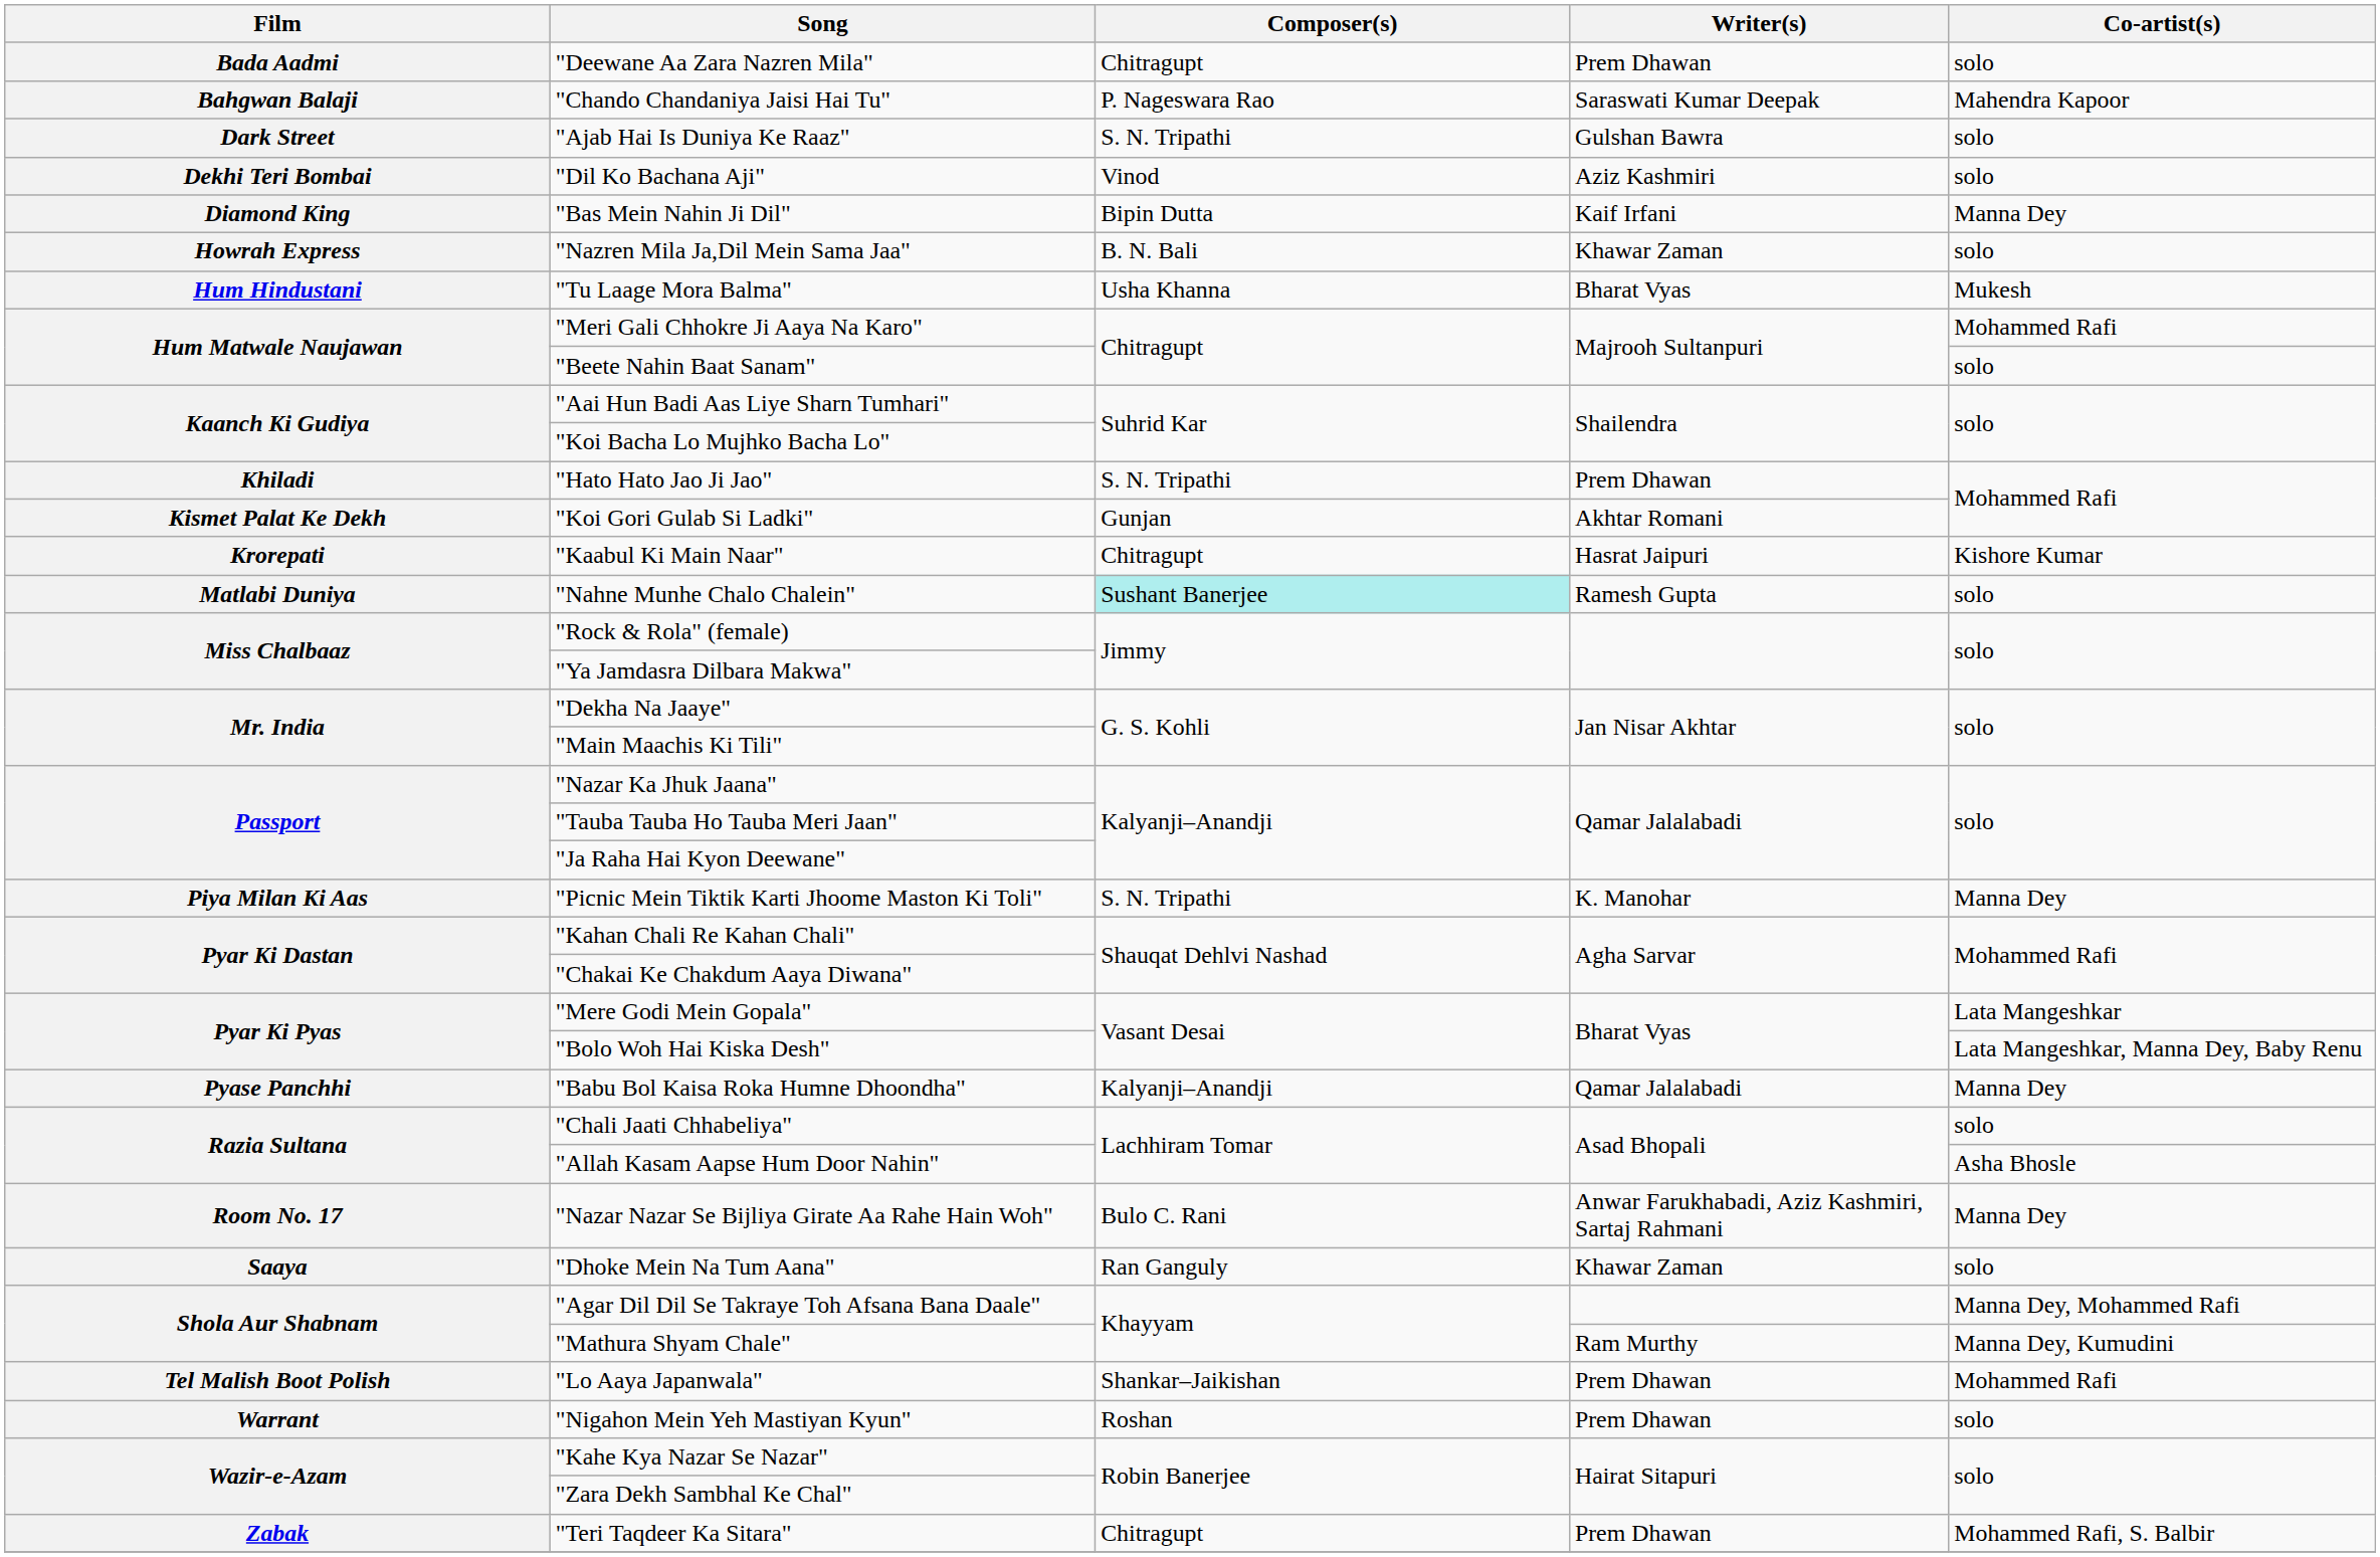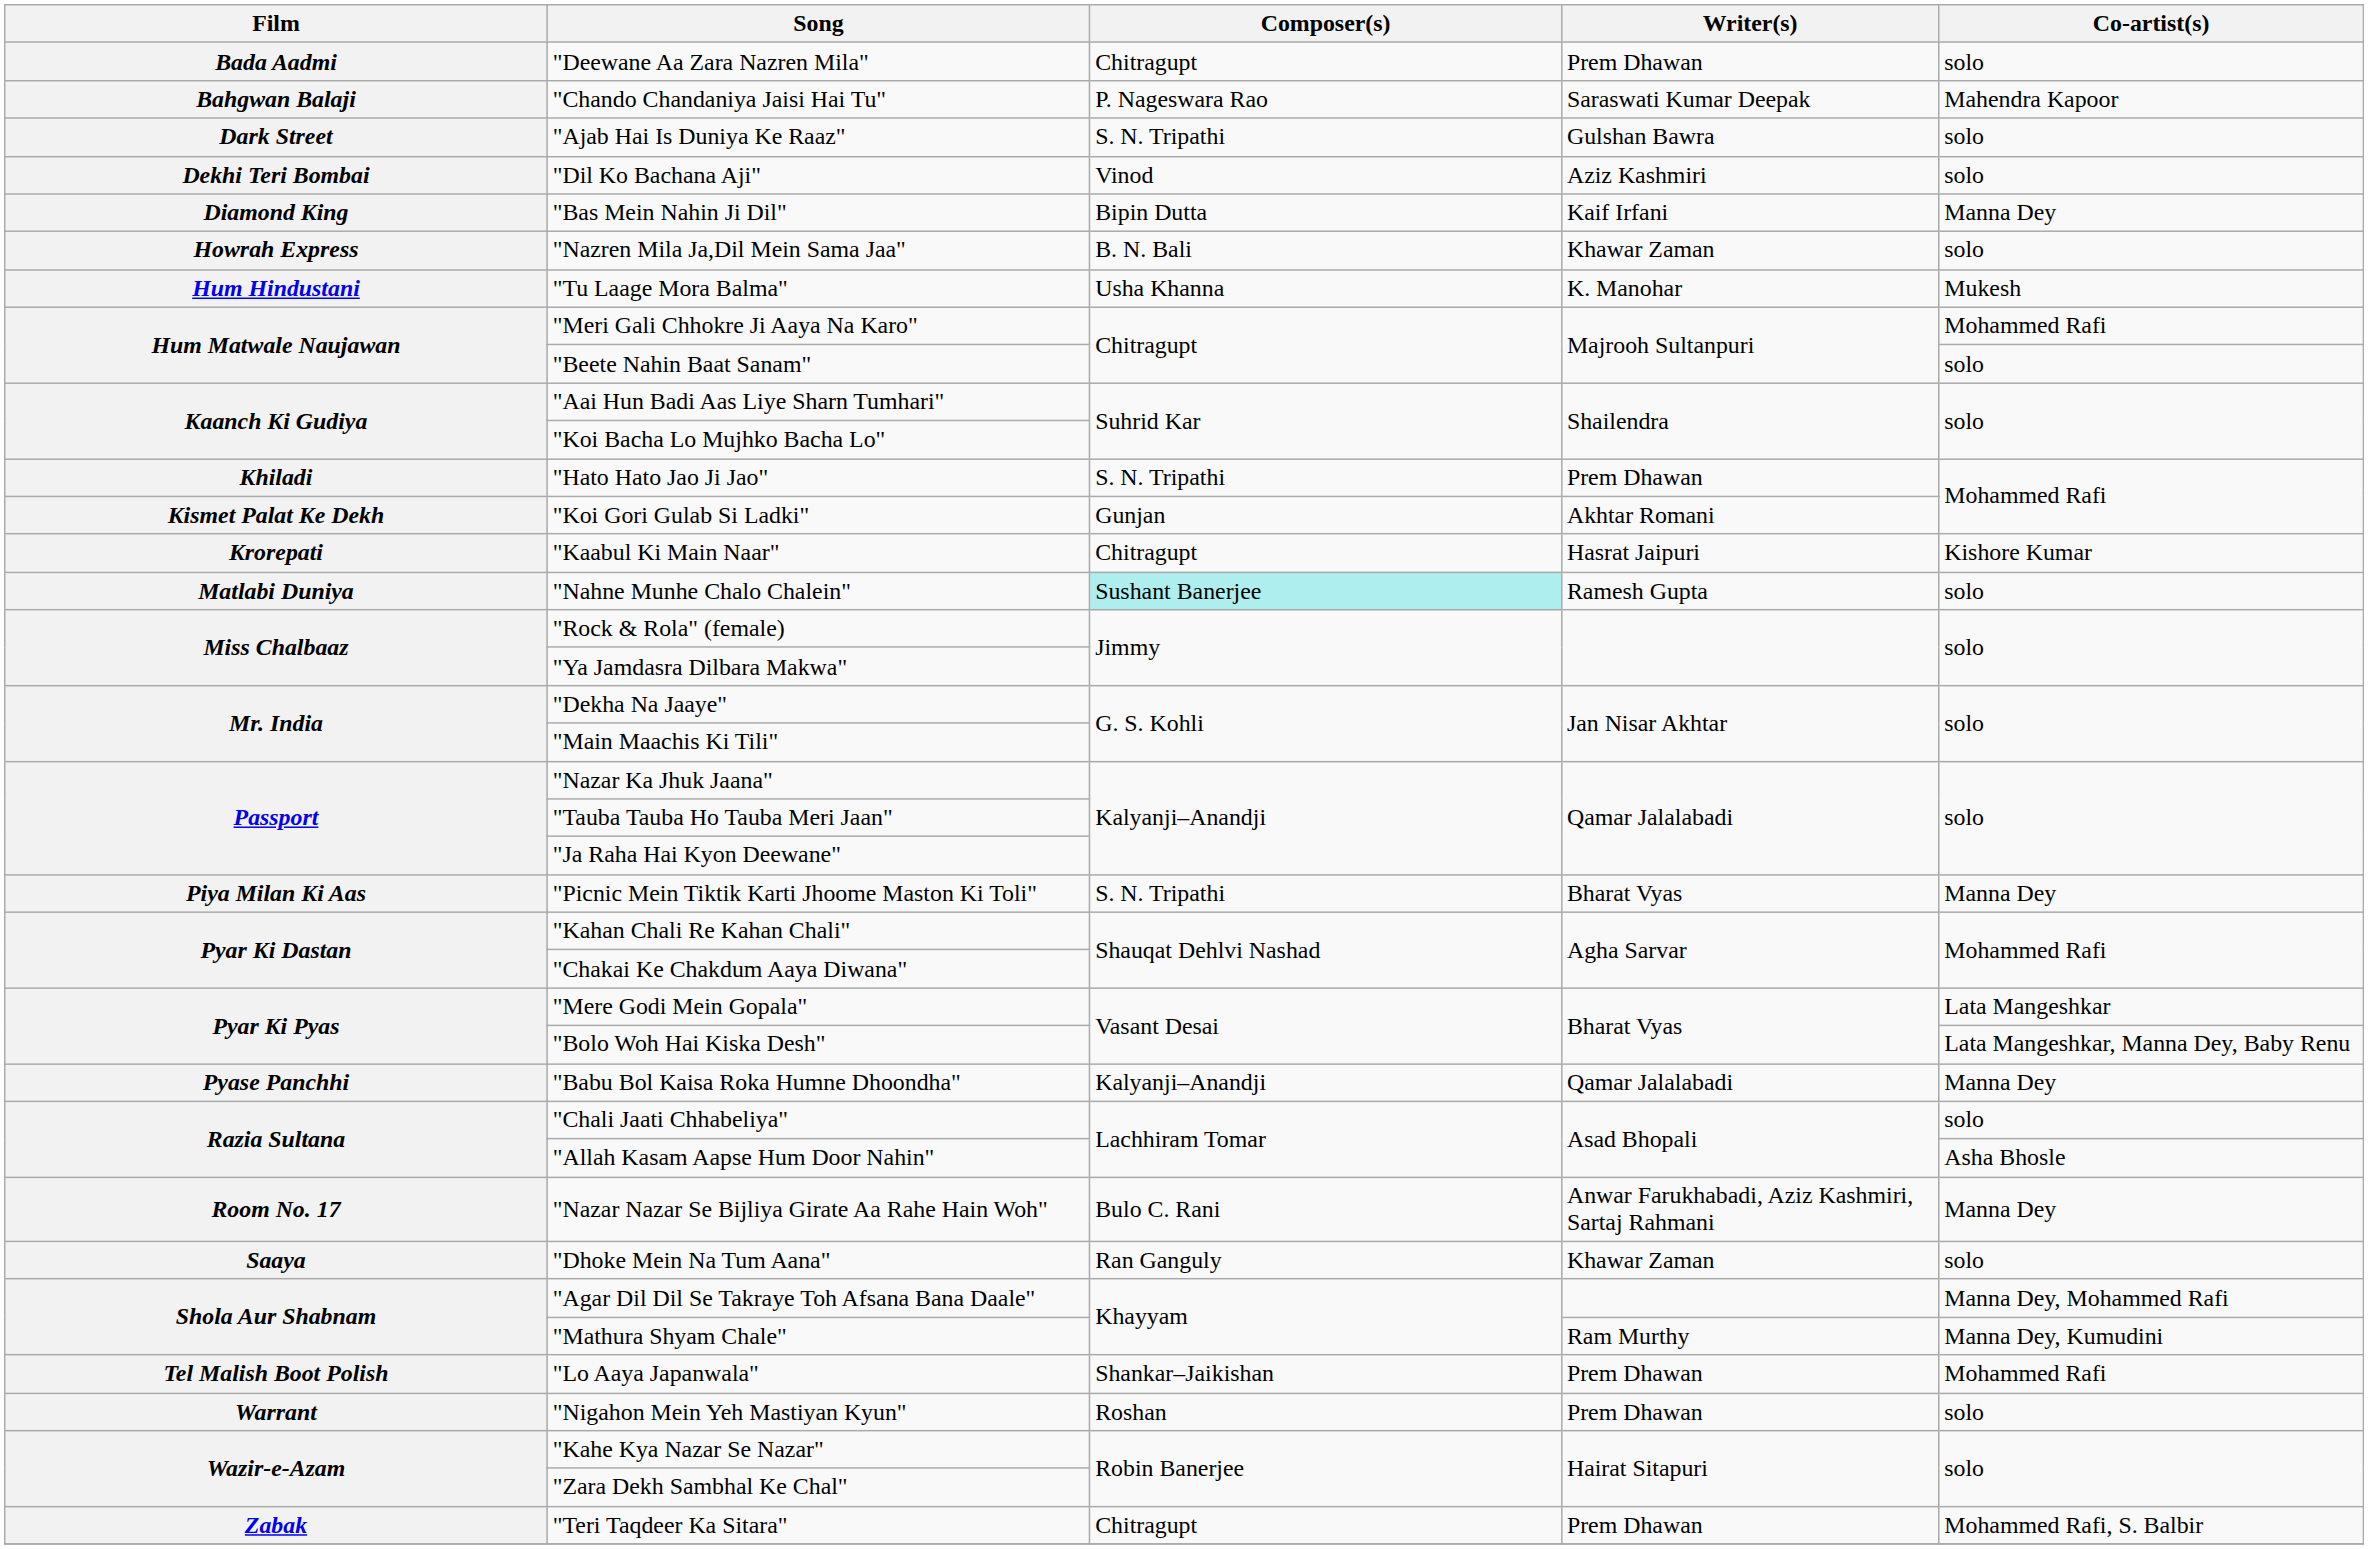 <table class="wikitable plainrowheaders" width="100%" textcolor:#000;">
 <tr style="background:#b0e0e66;">
 <th scope="col" width=23%><strong>Film</strong></th>
 <th scope="col" width=23%><strong>Song</strong></th>
 <th scope="col" width=20%><strong>Composer(s)</strong></th>
 <th scope="col" width=16%><strong>Writer(s)</strong></th>
 <th scope="col" width=18%><strong>Co-artist(s)</strong></th>
 </tr>
 <tr>
 <th><em>Bada Aadmi</em></th>
 <td>"Deewane Aa Zara Nazren Mila"</td>
 <td>Chitragupt</td>
 <td>Prem Dhawan</td>
 <td>solo</td>
 </tr>
 <tr>
 <th><em>Bahgwan Balaji</em></th>
 <td>"Chando Chandaniya Jaisi Hai Tu"</td>
 <td>P. Nageswara Rao</td>
 <td>Saraswati Kumar Deepak</td>
 <td>Mahendra Kapoor</td>
 </tr>
 <tr>
 <th><em>Dark Street</em></th>
 <td>"Ajab Hai Is Duniya Ke Raaz"</td>
 <td>S. N. Tripathi</td>
 <td>Gulshan Bawra</td>
 <td>solo</td>
 </tr>
 <tr>
 <th><em>Dekhi Teri Bombai</em></th>
 <td>"Dil Ko Bachana Aji"</td>
 <td>Vinod</td>
 <td>Aziz Kashmiri</td>
 <td>solo</td>
 </tr>
 <tr>
 <th><em>Diamond King</em></th>
 <td>"Bas Mein Nahin Ji Dil"</td>
 <td>Bipin Dutta</td>
 <td>Kaif Irfani</td>
 <td>Manna Dey</td>
 </tr>
 <tr>
 <th><em>Howrah Express</em></th>
 <td>"Nazren Mila Ja,Dil Mein Sama Jaa"</td>
 <td>B. N. Bali</td>
 <td>Khawar Zaman</td>
 <td>solo</td>
 </tr>
 <tr>
 <th Rowspan=1><em><a href='#'>Hum Hindustani</a></em></th>
 <td>"Tu Laage Mora Balma"</td>
 <td>Usha Khanna</td>
-<td>Bharat Vyas</td>
+<td>K. Manohar</td>
 <td>Mukesh</td>
 </tr>
 <tr>
 <th Rowspan=2><em>Hum Matwale Naujawan</em></th>
 <td>"Meri Gali Chhokre Ji Aaya Na Karo"</td>
 <td Rowspan=2>Chitragupt</td>
 <td Rowspan=2>Majrooh Sultanpuri</td>
 <td rowspan=1>Mohammed Rafi</td>
 </tr>
 <tr>
 <td>"Beete Nahin Baat Sanam"</td>
 <td>solo</td>
 </tr>
 <tr>
 <th Rowspan=2><em>Kaanch Ki Gudiya</em></th>
 <td>"Aai Hun Badi Aas Liye Sharn Tumhari"</td>
 <td rowspan=2>Suhrid Kar</td>
 <td Rowspan=2>Shailendra</td>
 <td rowspan=2>solo</td>
 </tr>
 <tr>
 <td>"Koi Bacha Lo Mujhko Bacha Lo"</td>
 </tr>
 <tr>
 <th><em>Khiladi</em></th>
 <td>"Hato Hato Jao Ji Jao"</td>
 <td>S. N. Tripathi</td>
 <td>Prem Dhawan</td>
 <td rowspan=2>Mohammed Rafi</td>
 </tr>
 <tr>
 <th><em>Kismet Palat Ke Dekh</em></th>
 <td>"Koi Gori Gulab Si Ladki"</td>
 <td>Gunjan</td>
 <td>Akhtar Romani</td>
 </tr>
 <tr>
 <th><em>Krorepati</em></th>
 <td>"Kaabul Ki Main Naar"</td>
 <td>Chitragupt</td>
 <td>Hasrat Jaipuri</td>
 <td>Kishore Kumar</td>
 </tr>
 <tr>
 <th><em>Matlabi Duniya</em></th>
 <td>"Nahne Munhe Chalo Chalein"</td>
 <td style="background: paleturquoise;">Sushant Banerjee</td>
 <td>Ramesh Gupta</td>
 <td>solo</td>
 </tr>
 <tr>
 <th Rowspan=2><em>Miss Chalbaaz</em></th>
 <td>"Rock & Rola" (female)</td>
 <td rowspan=2>Jimmy</td>
 <td rowspan=2></td>
 <td rowspan=2>solo</td>
 </tr>
 <tr>
 <td>"Ya Jamdasra Dilbara Makwa"</td>
 </tr>
 <tr>
 <th Rowspan=2><em>Mr. India</em></th>
 <td>"Dekha Na Jaaye"</td>
 <td rowspan=2>G. S. Kohli</td>
 <td rowspan=2>Jan Nisar Akhtar</td>
 <td rowspan=2>solo</td>
 </tr>
 <tr>
 <td>"Main Maachis Ki Tili"</td>
 </tr>
 <tr>
 <th Rowspan=3><em><a href='#'>Passport</a></em></th>
 <td>"Nazar Ka Jhuk Jaana"</td>
 <td rowspan=3>Kalyanji–Anandji</td>
 <td rowspan=3>Qamar Jalalabadi</td>
 <td rowspan=3>solo</td>
 </tr>
 <tr>
 <td>"Tauba Tauba Ho Tauba Meri Jaan"</td>
 </tr>
 <tr>
 <td>"Ja Raha Hai Kyon Deewane"</td>
 </tr>
 <tr>
 <th><em>Piya Milan Ki Aas</em></th>
 <td>"Picnic Mein Tiktik Karti Jhoome Maston Ki Toli"</td>
 <td>S. N. Tripathi</td>
-<td>K. Manohar</td>
+<td>Bharat Vyas</td>
 <td>Manna Dey</td>
 </tr>
 <tr>
 <th Rowspan=2><em>Pyar Ki Dastan</em></th>
 <td>"Kahan Chali Re Kahan Chali"</td>
 <td rowspan=2>Shauqat Dehlvi Nashad</td>
 <td rowspan=2>Agha Sarvar</td>
 <td rowspan=2>Mohammed Rafi</td>
 </tr>
 <tr>
 <td>"Chakai Ke Chakdum Aaya Diwana"</td>
 </tr>
 <tr>
 <th Rowspan=2><em>Pyar Ki Pyas</em></th>
 <td>"Mere Godi Mein Gopala"</td>
 <td rowspan=2>Vasant Desai</td>
 <td rowspan=2>Bharat Vyas</td>
 <td>Lata Mangeshkar</td>
 </tr>
 <tr>
 <td>"Bolo Woh Hai Kiska Desh"</td>
 <td>Lata Mangeshkar, Manna Dey, Baby Renu</td>
 </tr>
 <tr>
 <th><em>Pyase Panchhi</em></th>
 <td>"Babu Bol Kaisa Roka Humne Dhoondha"</td>
 <td>Kalyanji–Anandji</td>
 <td>Qamar Jalalabadi</td>
 <td>Manna Dey</td>
 </tr>
 <tr>
 <th Rowspan=2><em>Razia Sultana</em></th>
 <td>"Chali Jaati Chhabeliya"</td>
 <td rowspan=2>Lachhiram Tomar</td>
 <td rowspan=2>Asad Bhopali</td>
 <td>solo</td>
 </tr>
 <tr>
 <td>"Allah Kasam Aapse Hum Door Nahin"</td>
 <td>Asha Bhosle</td>
 </tr>
 <tr>
 <th><em>Room No. 17</em></th>
 <td>"Nazar Nazar Se Bijliya Girate Aa Rahe Hain Woh"</td>
 <td>Bulo C. Rani</td>
 <td>Anwar Farukhabadi, Aziz Kashmiri, Sartaj Rahmani</td>
 <td>Manna Dey</td>
 </tr>
 <tr>
 <th><em>Saaya</em></th>
 <td>"Dhoke Mein Na Tum Aana"</td>
 <td>Ran Ganguly</td>
 <td>Khawar Zaman</td>
 <td>solo</td>
 </tr>
 <tr>
 <th rowspan=2><em>Shola Aur Shabnam</em></th>
 <td>"Agar Dil Dil Se Takraye Toh Afsana Bana Daale"</td>
 <td rowspan=2>Khayyam</td>
 <td></td>
 <td>Manna Dey, Mohammed Rafi</td>
 </tr>
 <tr>
 <td>"Mathura Shyam Chale"</td>
 <td>Ram Murthy</td>
 <td>Manna Dey, Kumudini</td>
 </tr>
 <tr>
 <th><em>Tel Malish Boot Polish</em></th>
 <td>"Lo Aaya Japanwala"</td>
 <td>Shankar–Jaikishan</td>
 <td>Prem Dhawan</td>
 <td>Mohammed Rafi</td>
 </tr>
 <tr>
 <th><em>Warrant</em></th>
 <td>"Nigahon Mein Yeh Mastiyan Kyun"</td>
 <td>Roshan</td>
 <td>Prem Dhawan</td>
 <td>solo</td>
 </tr>
 <tr>
 <th Rowspan=2><em>Wazir-e-Azam</em></th>
 <td>"Kahe Kya Nazar Se Nazar"</td>
 <td rowspan=2>Robin Banerjee</td>
 <td rowspan=2>Hairat Sitapuri</td>
 <td rowspan=2>solo</td>
 </tr>
 <tr>
 <td>"Zara Dekh Sambhal Ke Chal"</td>
 </tr>
 <tr>
 <th><em><a href='#'>Zabak</a></em></th>
 <td>"Teri Taqdeer Ka Sitara"</td>
 <td>Chitragupt</td>
 <td>Prem Dhawan</td>
 <td>Mohammed Rafi, S. Balbir</td>
 </tr>
 <tr>
 </tr>
 </table>
